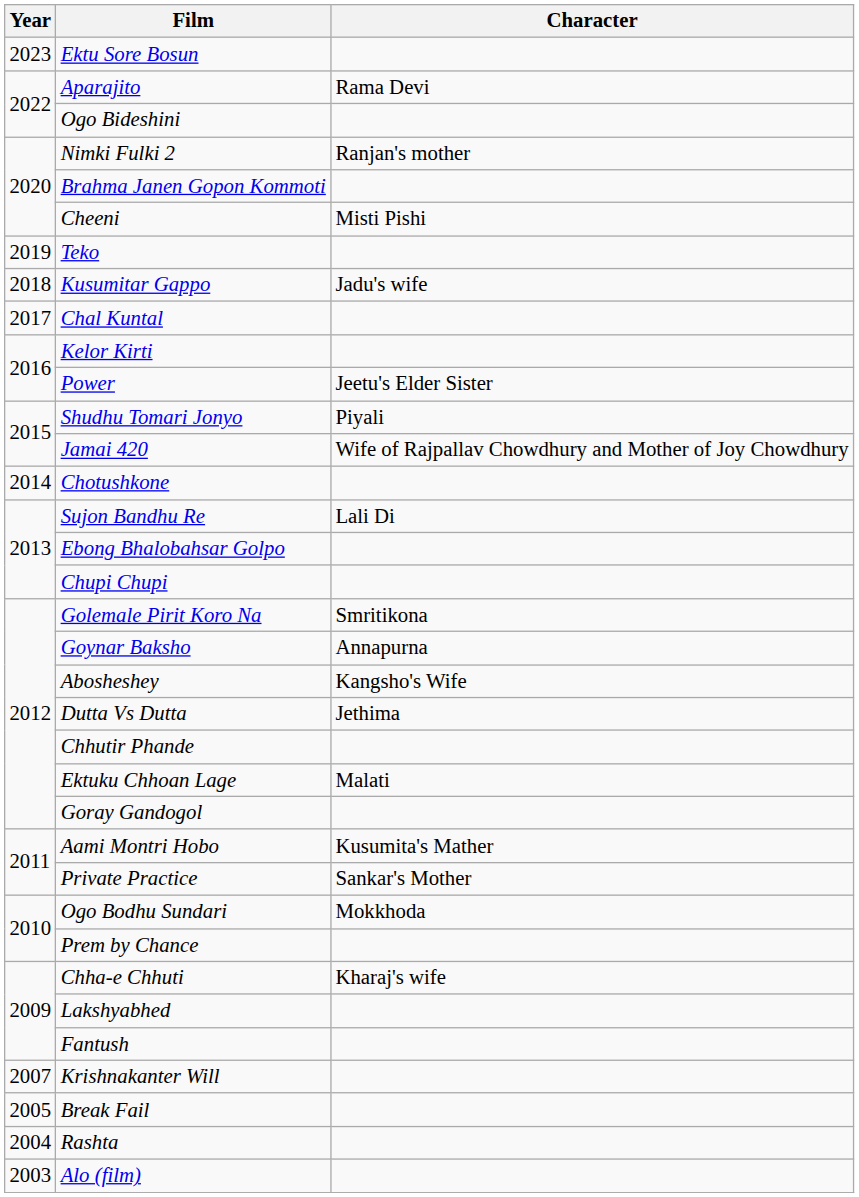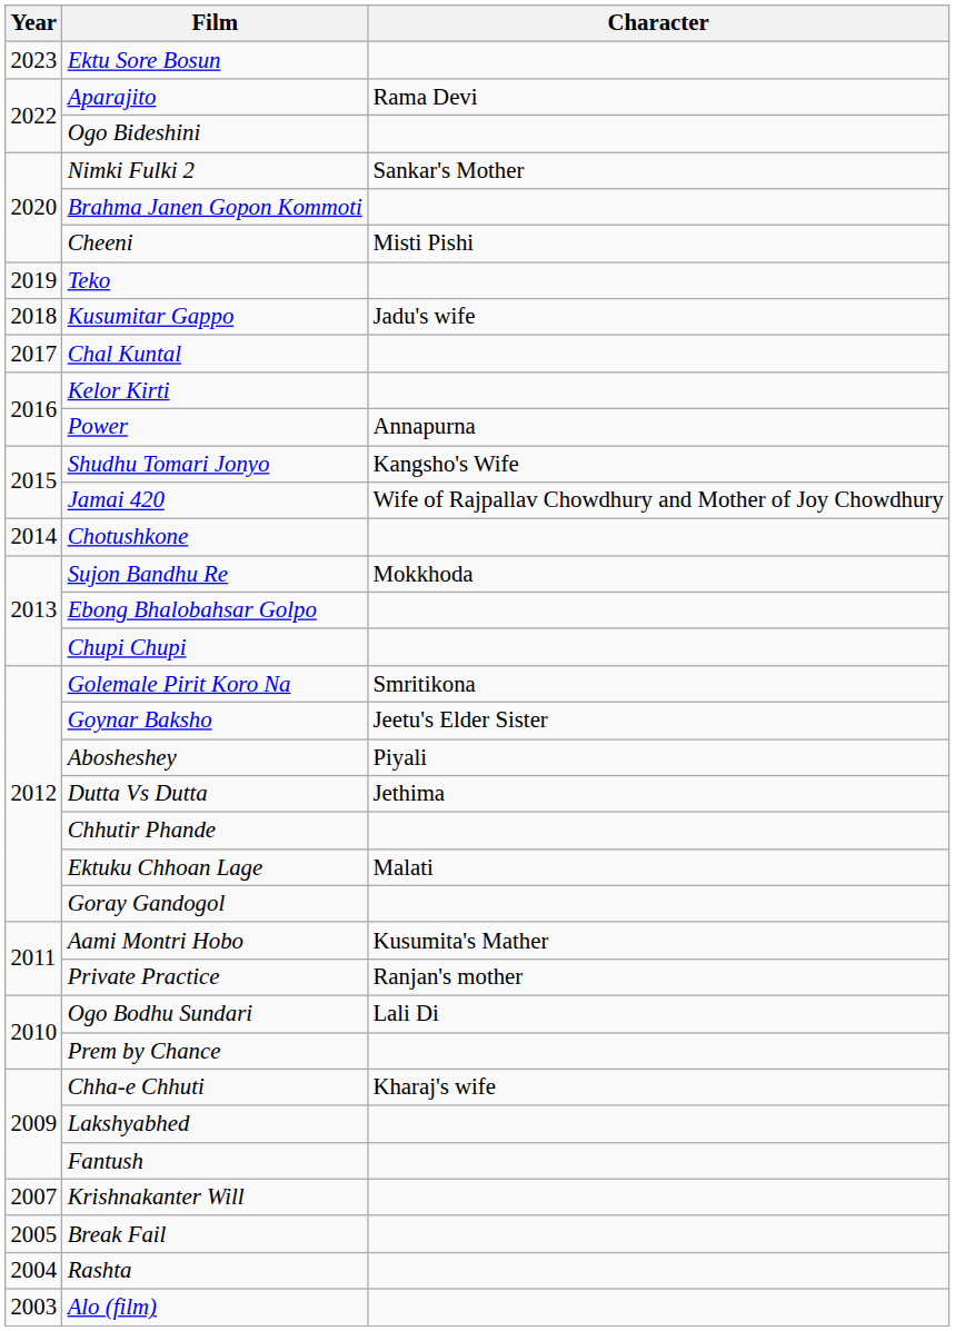 <table class="wikitable sortable">
 <tr>
 <th>Year</th>
 <th>Film</th>
 <th>Character</th>
 </tr>
 <tr>
 <td>2023</td>
 <td><em><a href='#'>Ektu Sore Bosun</a></em></td>
 <td></td>
 </tr>
 <tr>
 <td rowspan="2">2022</td>
 <td><em><a href='#'>Aparajito</a></em></td>
 <td>Rama Devi</td>
 </tr>
 <tr>
 <td><em>Ogo Bideshini</em></td>
 <td></td>
 </tr>
 <tr>
 <td rowspan="3">2020</td>
 <td><em>Nimki Fulki 2</em></td>
-<td>Ranjan's mother</td>
+<td>Sankar's Mother</td>
 </tr>
 <tr>
 <td><em><a href='#'>Brahma Janen Gopon Kommoti</a></em></td>
 <td></td>
 </tr>
 <tr>
 <td><em>Cheeni</em></td>
 <td>Misti Pishi</td>
 </tr>
 <tr>
 <td>2019</td>
 <td><em><a href='#'>Teko</a></em></td>
 <td></td>
 </tr>
 <tr>
 <td>2018</td>
 <td><em><a href='#'>Kusumitar Gappo</a></em></td>
 <td>Jadu's wife</td>
 </tr>
 <tr>
 <td>2017</td>
 <td><em><a href='#'>Chal Kuntal</a></em></td>
 <td></td>
 </tr>
 <tr>
 <td rowspan="2">2016</td>
 <td><em><a href='#'>Kelor Kirti</a></em></td>
 <td></td>
 </tr>
 <tr>
 <td><em><a href='#'>Power</a></em></td>
-<td>Jeetu's Elder Sister</td>
+<td>Annapurna</td>
 </tr>
 <tr>
 <td rowspan="2">2015</td>
 <td><em><a href='#'>Shudhu Tomari Jonyo</a></em></td>
-<td>Piyali</td>
+<td>Kangsho's Wife</td>
 </tr>
 <tr>
 <td><em><a href='#'>Jamai 420</a></em></td>
 <td>Wife of Rajpallav Chowdhury and Mother of Joy Chowdhury</td>
 </tr>
 <tr>
 <td>2014</td>
 <td><em><a href='#'>Chotushkone</a></em></td>
 <td></td>
 </tr>
 <tr>
 <td rowspan="3">2013</td>
 <td><em><a href='#'>Sujon Bandhu Re</a></em></td>
-<td>Lali Di</td>
+<td>Mokkhoda</td>
 </tr>
 <tr>
 <td><em><a href='#'>Ebong Bhalobahsar Golpo</a></em></td>
 <td></td>
 </tr>
 <tr>
 <td><em><a href='#'>Chupi Chupi</a></em></td>
 <td></td>
 </tr>
 <tr>
 <td rowspan="7">2012</td>
 <td><em><a href='#'>Golemale Pirit Koro Na</a></em></td>
 <td>Smritikona</td>
 </tr>
 <tr>
 <td><em><a href='#'>Goynar Baksho</a></em></td>
-<td>Annapurna</td>
+<td>Jeetu's Elder Sister</td>
 </tr>
 <tr>
 <td><em>Abosheshey</em></td>
-<td>Kangsho's Wife</td>
+<td>Piyali</td>
 </tr>
 <tr>
 <td><em>Dutta Vs Dutta</em></td>
 <td>Jethima</td>
 </tr>
 <tr>
 <td><em>Chhutir Phande</em></td>
 <td></td>
 </tr>
 <tr>
 <td><em>Ektuku Chhoan Lage</em></td>
 <td>Malati</td>
 </tr>
 <tr>
 <td><em>Goray Gandogol</em></td>
 <td></td>
 </tr>
 <tr>
 <td rowspan="2">2011</td>
 <td><em>Aami Montri Hobo</em></td>
 <td>Kusumita's Mather</td>
 </tr>
 <tr>
 <td><em>Private Practice</em></td>
-<td>Sankar's Mother</td>
+<td>Ranjan's mother</td>
 </tr>
 <tr>
 <td rowspan="2">2010</td>
 <td><em>Ogo Bodhu Sundari</em></td>
-<td>Mokkhoda</td>
+<td>Lali Di</td>
 </tr>
 <tr>
 <td><em>Prem by Chance</em></td>
 <td></td>
 </tr>
 <tr>
 <td rowspan="3">2009</td>
 <td><em>Chha-e Chhuti</em></td>
 <td>Kharaj's wife</td>
 </tr>
 <tr>
 <td><em>Lakshyabhed</em></td>
 <td></td>
 </tr>
 <tr>
 <td><em>Fantush</em></td>
 <td></td>
 </tr>
 <tr>
 <td>2007</td>
 <td><em>Krishnakanter Will</em></td>
 <td></td>
 </tr>
 <tr>
 <td>2005</td>
 <td><em>Break Fail</em></td>
 <td></td>
 </tr>
 <tr>
 <td>2004</td>
 <td><em>Rashta</em></td>
 <td></td>
 </tr>
 <tr>
 <td>2003</td>
 <td><em><a href='#'>Alo (film)</a></em></td>
 <td></td>
 </tr>
 <tr>
 </tr>
 </table>
